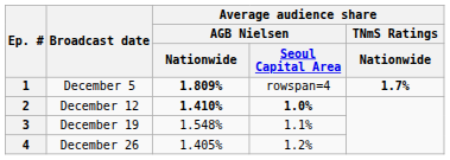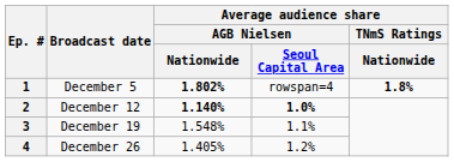 <table class="wikitable" style="text-align:center">
 <tr>
 <th rowspan="3">Ep. #</th>
 <th rowspan="3">Broadcast date</th>
 <th colspan="3">Average audience share</th>
 </tr>
 <tr>
 <th colspan="2">AGB Nielsen</th>
 <th colspan="1">TNmS Ratings</th>
 </tr>
 <tr>
 <th width=100>Nationwide</th>
 <th width=100><a href='#'>Seoul Capital Area</a></th>
 <th width=100>Nationwide</th>
 </tr>
 <tr>
 <th>1</th>
 <td>December 5</td>
-<td><span><strong>1.809%</strong></span></td>
+<td><span><strong>1.802%</strong></span></td>
 <td>rowspan=4 </td>
-<td><span><strong>1.7%</strong></span></td>
+<td><span><strong>1.8%</strong></span></td>
 </tr>
 <tr>
 <th>2</th>
 <td>December 12</td>
-<td><span><strong>1.410%</strong></span></td>
+<td><span><strong>1.140%</strong></span></td>
 <td><span><strong>1.0% </strong></span></td>
 </tr>
 <tr>
 <th>3</th>
 <td>December 19</td>
 <td>1.548%</td>
 <td>1.1%</td>
 </tr>
 <tr>
 <th>4</th>
 <td>December 26</td>
 <td>1.405%</td>
 <td>1.2%</td>
 </tr>
 </table>
